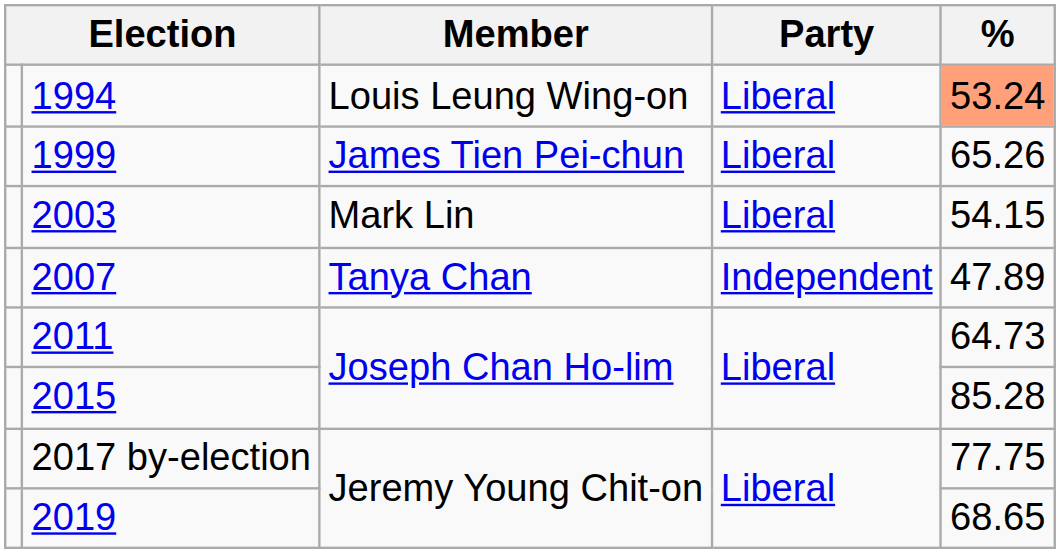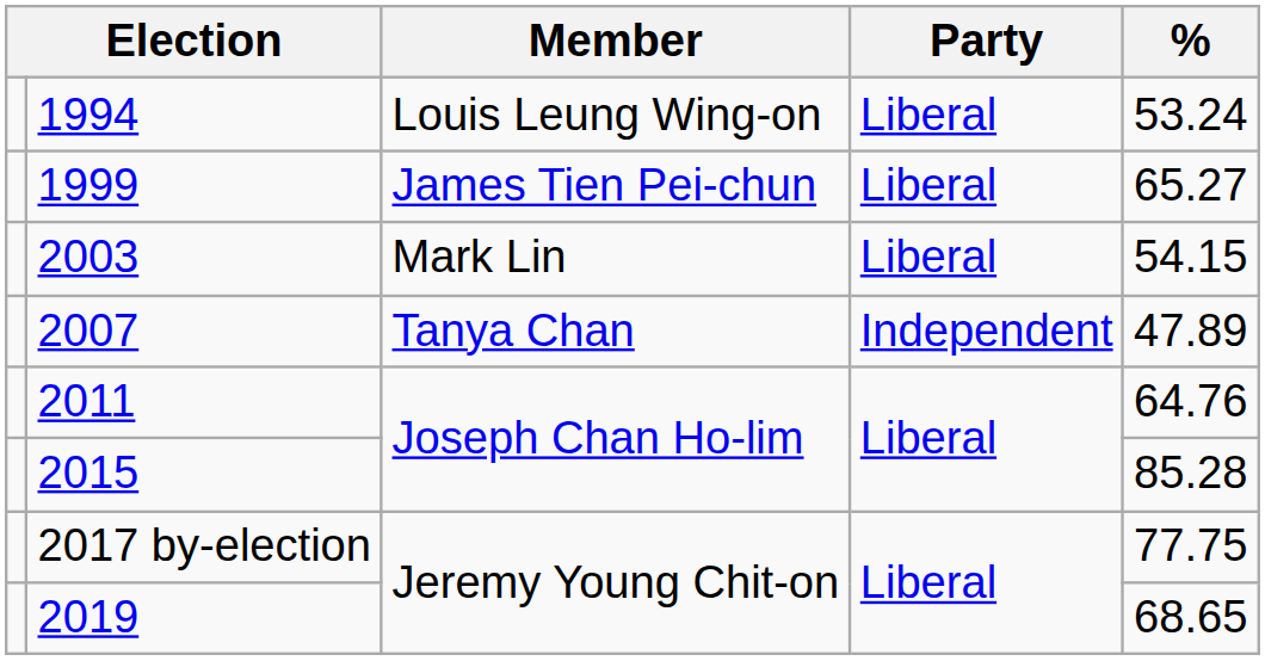 <table class="wikitable">
 <tr>
 <th colspan="2">Election</th>
 <th>Member</th>
 <th>Party</th>
 <th>%</th>
 </tr>
 <tr>
 <td style="background-color: "></td>
 <td><a href='#'>1994</a></td>
 <td>Louis Leung Wing-on</td>
 <td><a href='#'>Liberal</a></td>
-<td style="background: lightsalmon;">53.24</td>
+<td>53.24</td>
 </tr>
 <tr>
 <td style="background-color: "></td>
 <td><a href='#'>1999</a></td>
 <td><a href='#'>James Tien Pei-chun</a></td>
 <td><a href='#'>Liberal</a></td>
-<td>65.26</td>
+<td>65.27</td>
 </tr>
 <tr>
 <td style="background-color: "></td>
 <td><a href='#'>2003</a></td>
 <td>Mark Lin</td>
 <td><a href='#'>Liberal</a></td>
 <td>54.15</td>
 </tr>
 <tr>
 <td style="background-color: "></td>
 <td><a href='#'>2007</a></td>
 <td><a href='#'>Tanya Chan</a></td>
 <td><a href='#'>Independent</a></td>
 <td>47.89</td>
 </tr>
 <tr>
 <td style="background-color: "></td>
 <td><a href='#'>2011</a></td>
 <td rowspan=2><a href='#'>Joseph Chan Ho-lim</a></td>
 <td rowspan=2><a href='#'>Liberal</a></td>
-<td>64.73</td>
+<td>64.76</td>
 </tr>
 <tr>
 <td style="background-color: "></td>
 <td><a href='#'>2015</a></td>
 <td>85.28</td>
 </tr>
 <tr>
 <td style="background-color: "></td>
 <td>2017 by-election</td>
 <td rowspan=2>Jeremy Young Chit-on</td>
 <td rowspan=2><a href='#'>Liberal</a></td>
 <td>77.75</td>
 </tr>
 <tr>
 <td style="background-color: "></td>
 <td><a href='#'>2019</a></td>
 <td>68.65</td>
 </tr>
 </table>
